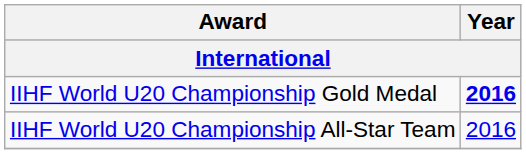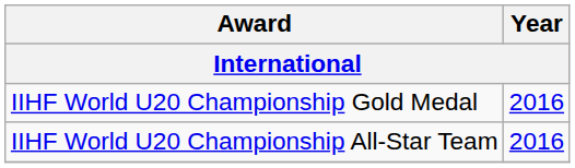 <table class="wikitable">
 <tr>
 <th>Award</th>
 <th>Year</th>
 </tr>
 <tr ALIGN="center" bgcolor="#e0e0e0">
 <th colspan="2"><a href='#'>International</a></th>
 </tr>
 <tr>
 <td><a href='#'>IIHF World U20 Championship</a> Gold Medal</td>
-<td><strong><a href='#'>2016</a></strong></td>
+<td><a href='#'>2016</a></td>
 </tr>
 <tr>
 <td><a href='#'>IIHF World U20 Championship</a> All-Star Team</td>
 <td><a href='#'>2016</a></td>
 </tr>
 <tr>
 </tr>
 </table>
